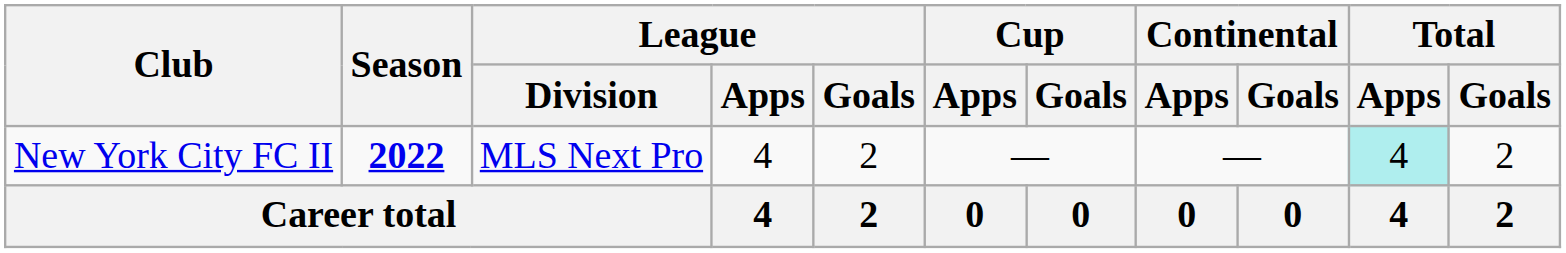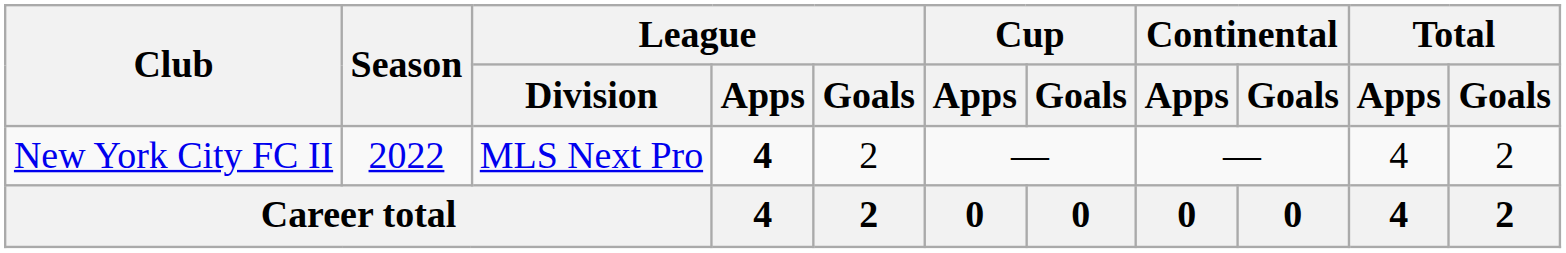 <table class="wikitable" style="text-align:center">
 <tr>
 <th rowspan="2">Club</th>
 <th rowspan="2">Season</th>
 <th colspan="3">League</th>
 <th colspan="2">Cup</th>
 <th colspan="2">Continental</th>
 <th colspan="2">Total</th>
 </tr>
 <tr>
 <th>Division</th>
 <th>Apps</th>
 <th>Goals</th>
 <th>Apps</th>
 <th>Goals</th>
 <th>Apps</th>
 <th>Goals</th>
 <th>Apps</th>
 <th>Goals</th>
 </tr>
 <tr>
 <td><a href='#'>New York City FC II</a></td>
-<td><strong><a href='#'>2022</a></strong></td>
+<td><a href='#'>2022</a></td>
 <td><a href='#'>MLS Next Pro</a></td>
-<td>4</td>
+<td><strong>4</strong></td>
 <td>2</td>
 <td colspan=2>—</td>
 <td colspan=2>—</td>
-<td style="background: paleturquoise;">4</td>
+<td>4</td>
 <td>2</td>
 </tr>
 <tr>
 <th colspan="3">Career total</th>
 <th>4</th>
 <th>2</th>
 <th>0</th>
 <th>0</th>
 <th>0</th>
 <th>0</th>
 <th>4</th>
 <th>2</th>
 </tr>
 </table>
